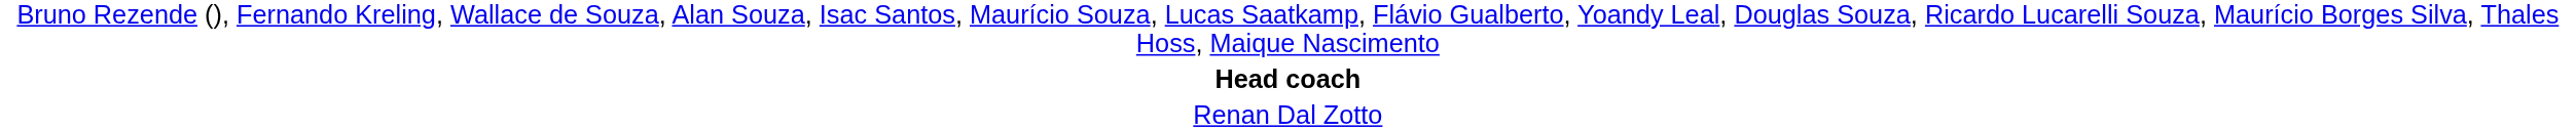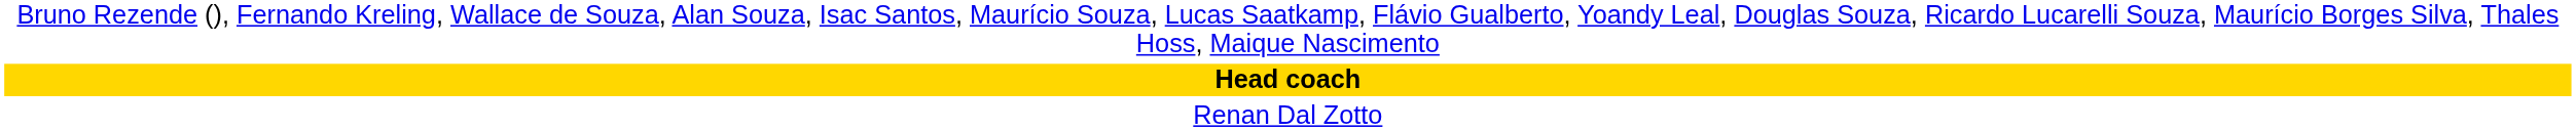 <table style="text-align: center; margin-top: 2em; margin-left: a8uto; margin-right: auto">
 <tr>
 <td><a href='#'>Bruno Rezende</a> (), <a href='#'>Fernando Kreling</a>, <a href='#'>Wallace de Souza</a>, <a href='#'>Alan Souza</a>, <a href='#'>Isac Santos</a>, <a href='#'>Maurício Souza</a>, <a href='#'>Lucas Saatkamp</a>, <a href='#'>Flávio Gualberto</a>, <a href='#'>Yoandy Leal</a>, <a href='#'>Douglas Souza</a>, <a href='#'>Ricardo Lucarelli Souza</a>, <a href='#'>Maurício Borges Silva</a>, <a href='#'>Thales Hoss</a>, <a href='#'>Maique Nascimento</a></td>
 </tr>
 <tr>
-<td><strong>Head coach</strong></td>
+<td style="background: gold;"><strong>Head coach</strong></td>
 </tr>
 <tr>
 <td><a href='#'>Renan Dal Zotto</a></td>
 </tr>
 </table>
